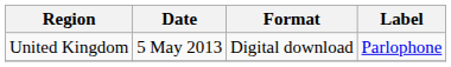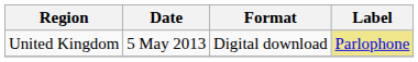 <table class=wikitable>
 <tr>
 <th>Region</th>
 <th>Date</th>
 <th>Format</th>
 <th>Label</th>
 </tr>
 <tr>
 <td>United Kingdom</td>
 <td>5 May 2013</td>
 <td>Digital download</td>
-<td><a href='#'>Parlophone</a></td>
+<td style="background: khaki;"><a href='#'>Parlophone</a></td>
 </tr>
 <tr>
 </tr>
 </table>
